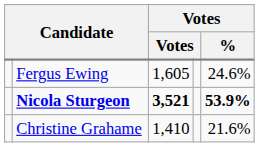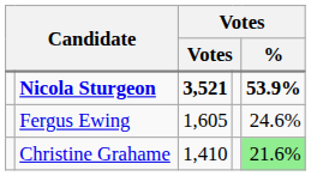 <table class="wikitable" style="font-size: 95%;">
 <tr>
 <th colspan="2" scope="col" rowspan="2" width="125">Candidate</th>
 <th scope="col" colspan="3" width="75">Votes</th>
 </tr>
 <tr style="border-bottom: 2px solid gray;">
 <th scope="col" colspan="2">Votes</th>
 <th>%</th>
 </tr>
 <tr align="right">
 <td style="background-color: "></td>
+<td scope="row" align="left"><strong><a href='#'>Nicola Sturgeon</a></strong> </td>
+<td><strong>3,521 </strong></td>
+<td align=center></td>
+<td><strong>53.9%</strong></td>
+</tr>
+<tr align="right">
+<td style="background-color: "></td>
 <td scope="row" align="left"><a href='#'>Fergus Ewing</a></td>
 <td>1,605</td>
 <td align=center></td>
 <td>24.6%</td>
 </tr>
 <tr align="right">
 <td style="background-color: "></td>
-<td scope="row" align="left"><strong><a href='#'>Nicola Sturgeon</a></strong> </td>
-<td><strong>3,521 </strong></td>
-<td align=center></td>
-<td><strong>53.9%</strong></td>
-</tr>
-<tr align="right">
-<td style="background-color: "></td>
 <td scope="row" align="left"><a href='#'>Christine Grahame</a></td>
 <td>1,410</td>
 <td align=center></td>
-<td>21.6%</td>
+<td style="background: lightgreen;">21.6%</td>
 </tr>
 </table>
